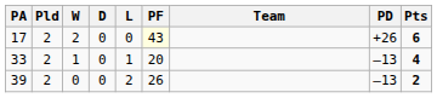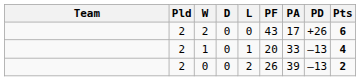 <table class="wikitable" style="text-align:center;">
 <tr>
-<th width=20 abbr="Points against">PA</th>
+<th width=190>Team</th>
 <th width=20 abbr="Played">Pld</th>
 <th width=20 abbr="Won">W</th>
 <th width=20 abbr="Drawn">D</th>
 <th width=20 abbr="Lost">L</th>
 <th width=20 abbr="Points for">PF</th>
-<th width=190>Team</th>
+<th width=20 abbr="Points against">PA</th>
 <th width=25 abbr="Points difference">PD</th>
 <th width=20 abbr="Points">Pts</th>
 </tr>
 <tr>
-<td>17</td>
+<td align=left></td>
 <td>2</td>
 <td>2</td>
 <td>0</td>
 <td>0</td>
-<td style="background: lightyellow;">43</td>
-<td align=left></td>
+<td>43</td>
+<td>17</td>
 <td>+26</td>
 <td><strong>6</strong></td>
 </tr>
 <tr>
-<td>33</td>
+<td align=left></td>
 <td>2</td>
 <td>1</td>
 <td>0</td>
 <td>1</td>
 <td>20</td>
-<td align=left></td>
+<td>33</td>
 <td>–13</td>
 <td><strong>4</strong></td>
 </tr>
 <tr>
-<td>39</td>
+<td align=left></td>
 <td>2</td>
 <td>0</td>
 <td>0</td>
 <td>2</td>
 <td>26</td>
-<td align=left></td>
+<td>39</td>
 <td>–13</td>
 <td><strong>2</strong></td>
 </tr>
 </table>
